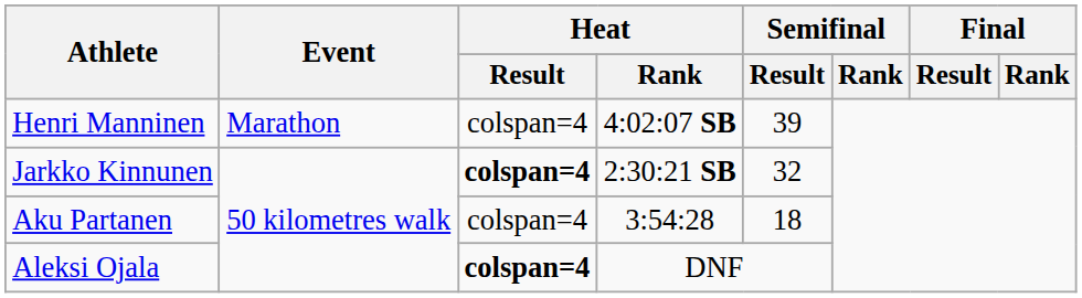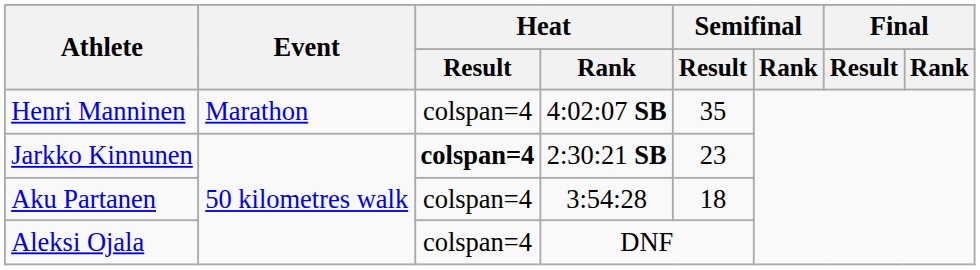 <table class="wikitable" style="font-size:90%">
 <tr>
 <th rowspan="2">Athlete</th>
 <th rowspan="2">Event</th>
 <th colspan="2">Heat</th>
 <th colspan="2">Semifinal</th>
 <th colspan="2">Final</th>
 </tr>
 <tr style="font-size:95%">
 <th>Result</th>
 <th>Rank</th>
 <th>Result</th>
 <th>Rank</th>
 <th>Result</th>
 <th>Rank</th>
 </tr>
 <tr style=text-align:center>
 <td style=text-align:left><a href='#'>Henri Manninen</a></td>
 <td style=text-align:left><a href='#'>Marathon</a></td>
 <td>colspan=4 </td>
 <td>4:02:07 <strong>SB</strong></td>
-<td>39</td>
+<td>35</td>
 </tr>
 <tr style=text-align:center>
 <td style=text-align:left><a href='#'>Jarkko Kinnunen</a></td>
 <td style=text-align:left rowspan=3><a href='#'>50 kilometres walk</a></td>
 <td><strong>colspan=4 </strong></td>
 <td>2:30:21 <strong>SB</strong></td>
-<td>32</td>
+<td>23</td>
 </tr>
 <tr style=text-align:center>
 <td style=text-align:left><a href='#'>Aku Partanen</a></td>
 <td>colspan=4 </td>
 <td>3:54:28</td>
 <td>18</td>
 </tr>
 <tr style=text-align:center>
 <td style=text-align:left><a href='#'>Aleksi Ojala</a></td>
-<td><strong>colspan=4 </strong></td>
+<td>colspan=4 </td>
 <td colspan=2>DNF</td>
 </tr>
 </table>
